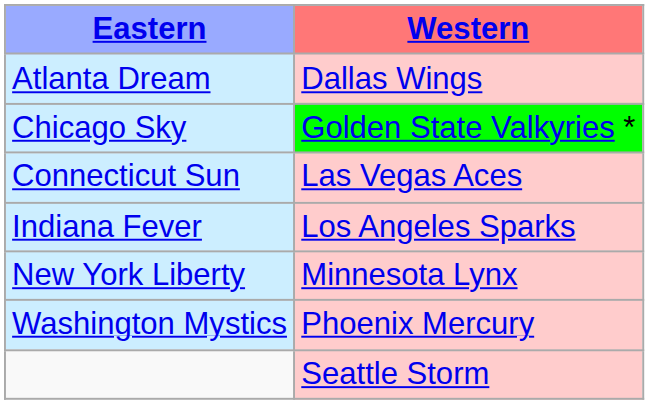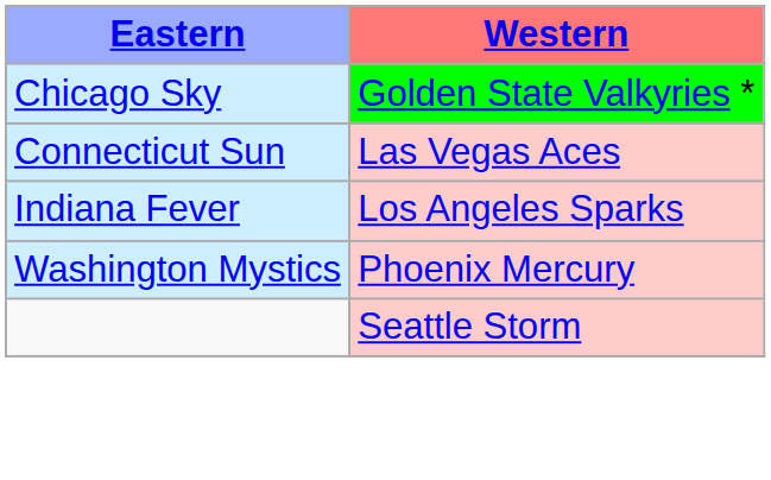 <table class="wikitable">
 <tr>
 <th style="background-color: #9AF;"><a href='#'>Eastern</a></th>
 <th style="background-color: #F77;"><a href='#'>Western</a></th>
-</tr>
-<tr>
-<td style="background-color: #CEF;"><a href='#'>Atlanta Dream</a></td>
-<td style="background-color: #FCC;"><a href='#'>Dallas Wings</a></td>
 </tr>
 <tr>
 <td style="background-color: #CEF;"><a href='#'>Chicago Sky</a></td>
 <td style="background-color: #0F0;"><a href='#'>Golden State Valkyries</a> *</td>
 </tr>
 <tr>
 <td style="background-color: #CEF;"><a href='#'>Connecticut Sun</a></td>
 <td style="background-color: #FCC;"><a href='#'>Las Vegas Aces</a></td>
 </tr>
 <tr>
 <td style="background-color: #CEF;"><a href='#'>Indiana Fever</a></td>
 <td style="background-color: #FCC;"><a href='#'>Los Angeles Sparks</a></td>
 </tr>
 <tr>
-<td style="background-color: #CEF;"><a href='#'>New York Liberty</a></td>
-<td style="background-color: #FCC;"><a href='#'>Minnesota Lynx</a></td>
-</tr>
-<tr>
 <td style="background-color: #CEF;"><a href='#'>Washington Mystics</a></td>
 <td style="background-color: #FCC;"><a href='#'>Phoenix Mercury</a></td>
 </tr>
 <tr>
 <td></td>
 <td style="background-color: #FCC;"><a href='#'>Seattle Storm</a></td>
 </tr>
 </table>
